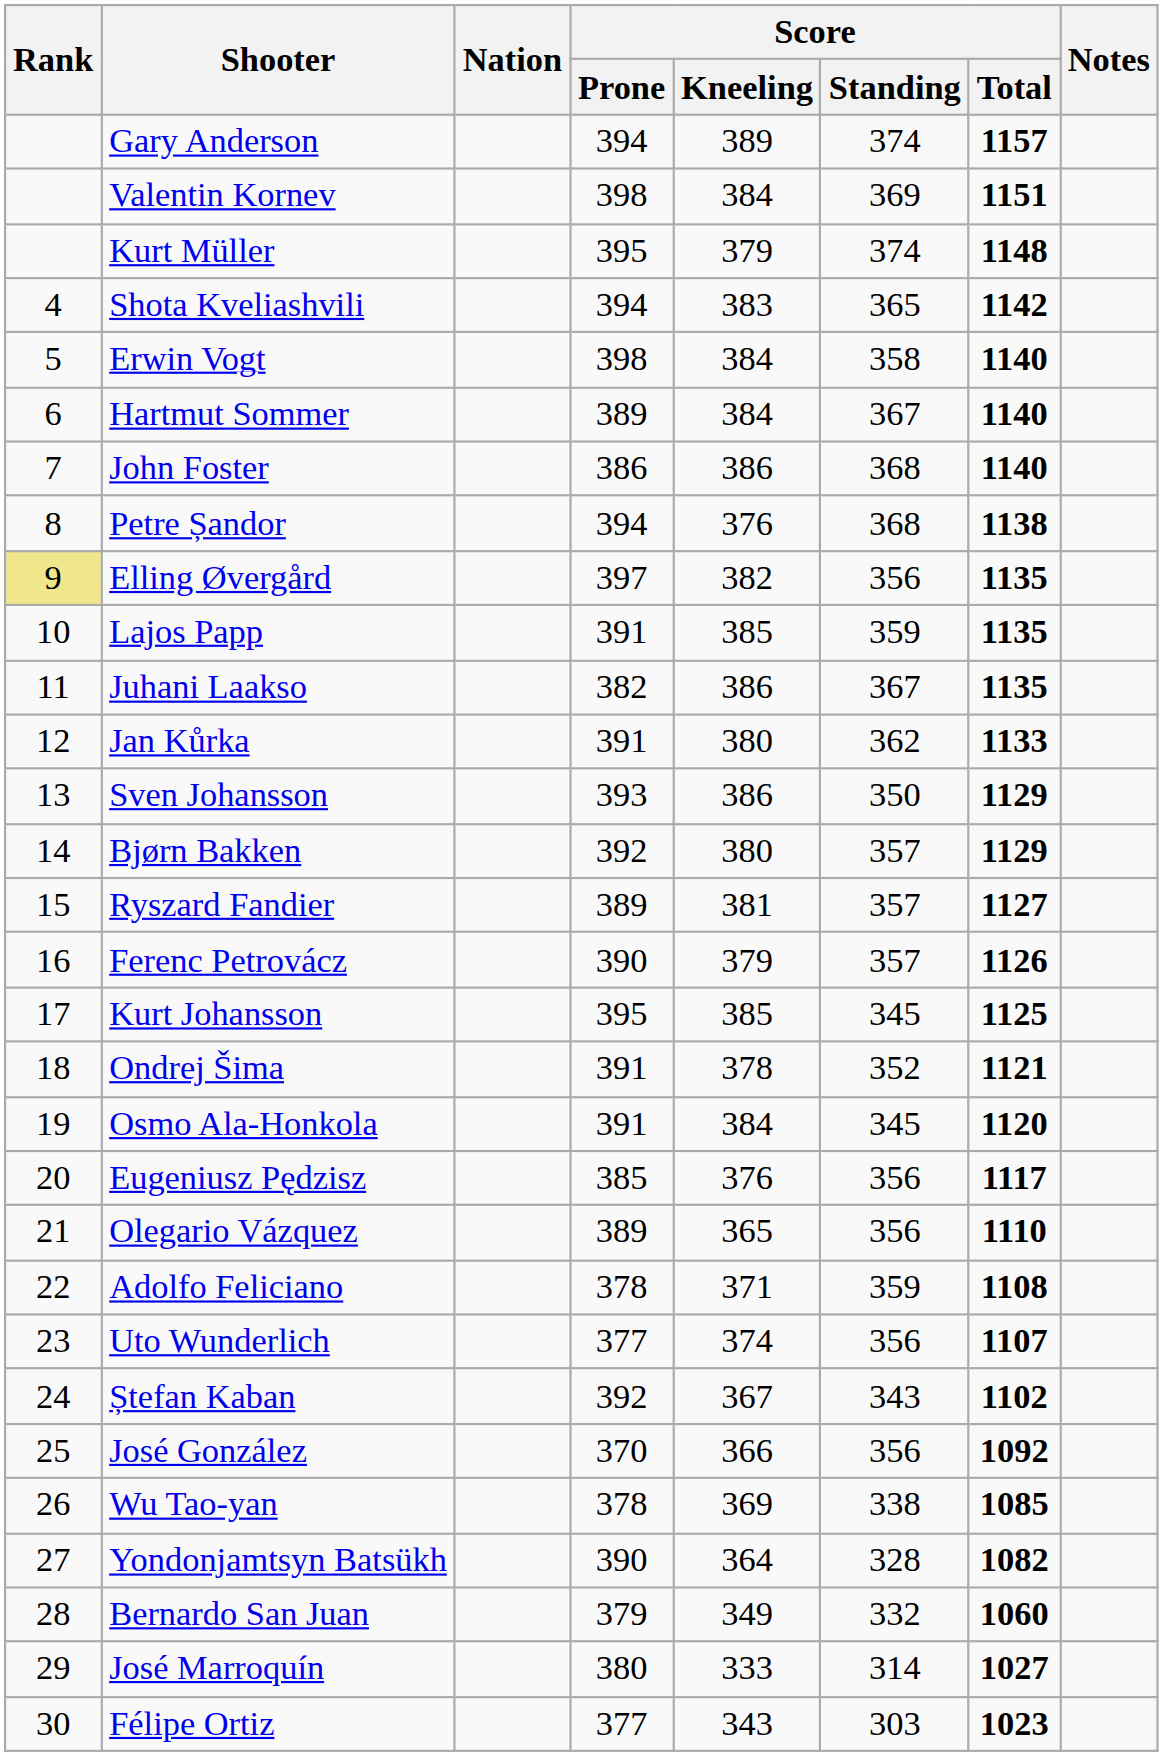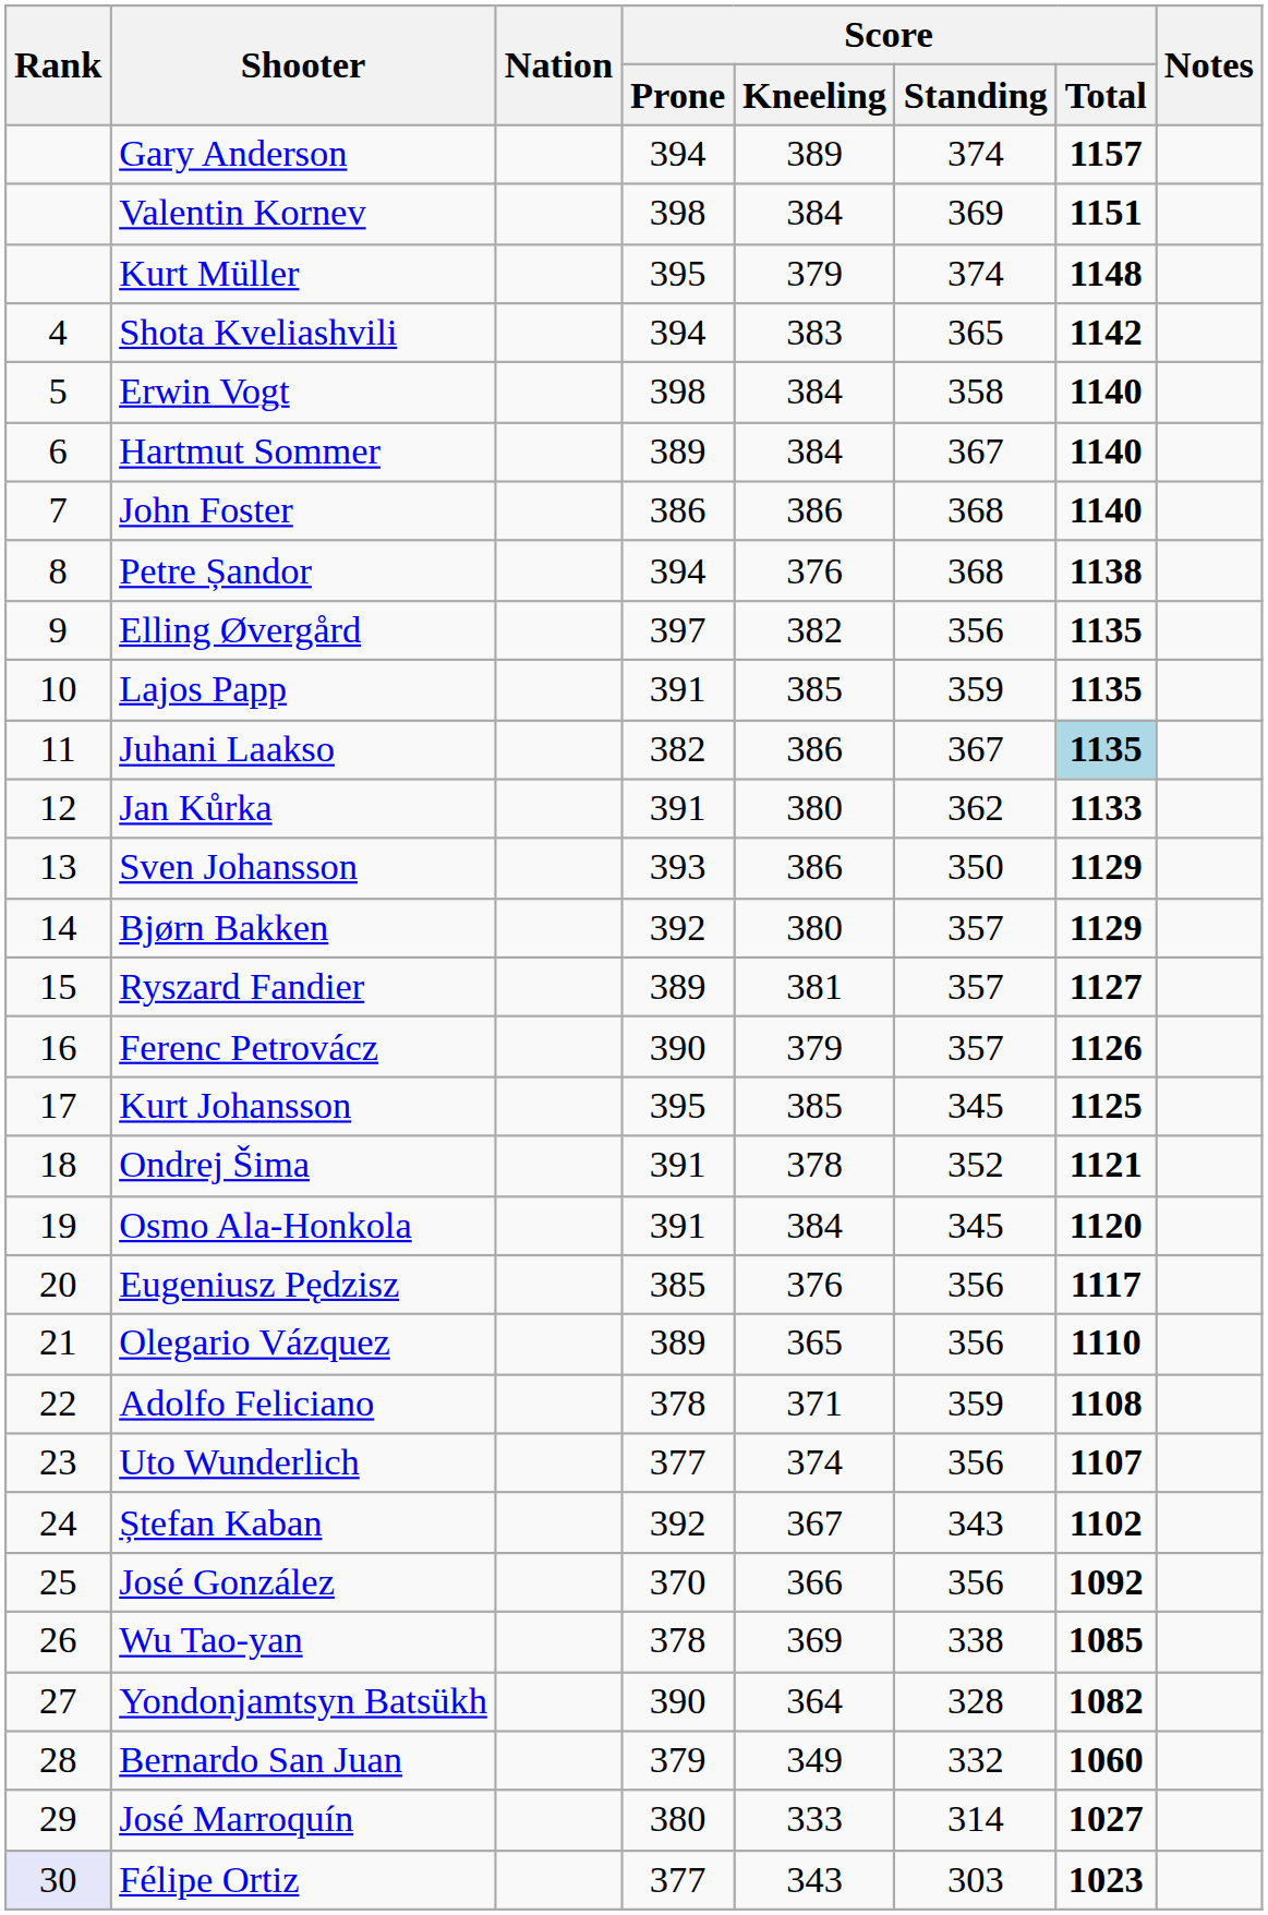 <table class="wikitable sortable" style="text-align:center">
 <tr>
 <th rowspan=2>Rank</th>
 <th rowspan=2>Shooter</th>
 <th rowspan=2>Nation</th>
 <th colspan=4>Score</th>
 <th rowspan=2>Notes</th>
 </tr>
 <tr>
 <th>Prone</th>
 <th>Kneeling</th>
 <th>Standing</th>
 <th>Total</th>
 </tr>
 <tr>
 <td></td>
 <td align=left><a href='#'>Gary Anderson</a></td>
 <td align=left></td>
 <td>394</td>
 <td>389</td>
 <td>374</td>
 <td><strong>1157</strong></td>
 <td><strong></strong></td>
 </tr>
 <tr>
 <td></td>
 <td align=left><a href='#'>Valentin Kornev</a></td>
 <td align=left></td>
 <td>398</td>
 <td>384</td>
 <td>369</td>
 <td><strong>1151</strong></td>
 <td></td>
 </tr>
 <tr>
 <td></td>
 <td align=left><a href='#'>Kurt Müller</a></td>
 <td align=left></td>
 <td>395</td>
 <td>379</td>
 <td>374</td>
 <td><strong>1148</strong></td>
 <td></td>
 </tr>
 <tr>
 <td>4</td>
 <td align=left><a href='#'>Shota Kveliashvili</a></td>
 <td align=left></td>
 <td>394</td>
 <td>383</td>
 <td>365</td>
 <td><strong>1142</strong></td>
 <td></td>
 </tr>
 <tr>
 <td>5</td>
 <td align=left><a href='#'>Erwin Vogt</a></td>
 <td align=left></td>
 <td>398</td>
 <td>384</td>
 <td>358</td>
 <td><strong>1140</strong></td>
 <td></td>
 </tr>
 <tr>
 <td>6</td>
 <td align=left><a href='#'>Hartmut Sommer</a></td>
 <td align=left></td>
 <td>389</td>
 <td>384</td>
 <td>367</td>
 <td><strong>1140</strong></td>
 <td></td>
 </tr>
 <tr>
 <td>7</td>
 <td align=left><a href='#'>John Foster</a></td>
 <td align=left></td>
 <td>386</td>
 <td>386</td>
 <td>368</td>
 <td><strong>1140</strong></td>
 <td></td>
 </tr>
 <tr>
 <td>8</td>
 <td align=left><a href='#'>Petre Șandor</a></td>
 <td align=left></td>
 <td>394</td>
 <td>376</td>
 <td>368</td>
 <td><strong>1138</strong></td>
 <td></td>
 </tr>
 <tr>
-<td style="background: khaki;">9</td>
+<td>9</td>
 <td align=left><a href='#'>Elling Øvergård</a></td>
 <td align=left></td>
 <td>397</td>
 <td>382</td>
 <td>356</td>
 <td><strong>1135</strong></td>
 <td></td>
 </tr>
 <tr>
 <td>10</td>
 <td align=left><a href='#'>Lajos Papp</a></td>
 <td align=left></td>
 <td>391</td>
 <td>385</td>
 <td>359</td>
 <td><strong>1135</strong></td>
 <td></td>
 </tr>
 <tr>
 <td>11</td>
 <td align=left><a href='#'>Juhani Laakso</a></td>
 <td align=left></td>
 <td>382</td>
 <td>386</td>
 <td>367</td>
-<td><strong>1135</strong></td>
+<td style="background: lightblue;"><strong>1135</strong></td>
 <td></td>
 </tr>
 <tr>
 <td>12</td>
 <td align=left><a href='#'>Jan Kůrka</a></td>
 <td align=left></td>
 <td>391</td>
 <td>380</td>
 <td>362</td>
 <td><strong>1133</strong></td>
 <td></td>
 </tr>
 <tr>
 <td>13</td>
 <td align=left><a href='#'>Sven Johansson</a></td>
 <td align=left></td>
 <td>393</td>
 <td>386</td>
 <td>350</td>
 <td><strong>1129</strong></td>
 <td></td>
 </tr>
 <tr>
 <td>14</td>
 <td align=left><a href='#'>Bjørn Bakken</a></td>
 <td align=left></td>
 <td>392</td>
 <td>380</td>
 <td>357</td>
 <td><strong>1129</strong></td>
 <td></td>
 </tr>
 <tr>
 <td>15</td>
 <td align=left><a href='#'>Ryszard Fandier</a></td>
 <td align=left></td>
 <td>389</td>
 <td>381</td>
 <td>357</td>
 <td><strong>1127</strong></td>
 <td></td>
 </tr>
 <tr>
 <td>16</td>
 <td align=left><a href='#'>Ferenc Petrovácz</a></td>
 <td align=left></td>
 <td>390</td>
 <td>379</td>
 <td>357</td>
 <td><strong>1126</strong></td>
 <td></td>
 </tr>
 <tr>
 <td>17</td>
 <td align=left><a href='#'>Kurt Johansson</a></td>
 <td align=left></td>
 <td>395</td>
 <td>385</td>
 <td>345</td>
 <td><strong>1125</strong></td>
 <td></td>
 </tr>
 <tr>
 <td>18</td>
 <td align=left><a href='#'>Ondrej Šima</a></td>
 <td align=left></td>
 <td>391</td>
 <td>378</td>
 <td>352</td>
 <td><strong>1121</strong></td>
 <td></td>
 </tr>
 <tr>
 <td>19</td>
 <td align=left><a href='#'>Osmo Ala-Honkola</a></td>
 <td align=left></td>
 <td>391</td>
 <td>384</td>
 <td>345</td>
 <td><strong>1120</strong></td>
 <td></td>
 </tr>
 <tr>
 <td>20</td>
 <td align=left><a href='#'>Eugeniusz Pędzisz</a></td>
 <td align=left></td>
 <td>385</td>
 <td>376</td>
 <td>356</td>
 <td><strong>1117</strong></td>
 <td></td>
 </tr>
 <tr>
 <td>21</td>
 <td align=left><a href='#'>Olegario Vázquez</a></td>
 <td align=left></td>
 <td>389</td>
 <td>365</td>
 <td>356</td>
 <td><strong>1110</strong></td>
 <td></td>
 </tr>
 <tr>
 <td>22</td>
 <td align=left><a href='#'>Adolfo Feliciano</a></td>
 <td align=left></td>
 <td>378</td>
 <td>371</td>
 <td>359</td>
 <td><strong>1108</strong></td>
 <td></td>
 </tr>
 <tr>
 <td>23</td>
 <td align=left><a href='#'>Uto Wunderlich</a></td>
 <td align=left></td>
 <td>377</td>
 <td>374</td>
 <td>356</td>
 <td><strong>1107</strong></td>
 <td></td>
 </tr>
 <tr>
 <td>24</td>
 <td align=left><a href='#'>Ștefan Kaban</a></td>
 <td align=left></td>
 <td>392</td>
 <td>367</td>
 <td>343</td>
 <td><strong>1102</strong></td>
 <td></td>
 </tr>
 <tr>
 <td>25</td>
 <td align=left><a href='#'>José González</a></td>
 <td align=left></td>
 <td>370</td>
 <td>366</td>
 <td>356</td>
 <td><strong>1092</strong></td>
 <td></td>
 </tr>
 <tr>
 <td>26</td>
 <td align=left><a href='#'>Wu Tao-yan</a></td>
 <td align=left></td>
 <td>378</td>
 <td>369</td>
 <td>338</td>
 <td><strong>1085</strong></td>
 <td></td>
 </tr>
 <tr>
 <td>27</td>
 <td align=left><a href='#'>Yondonjamtsyn Batsükh</a></td>
 <td align=left></td>
 <td>390</td>
 <td>364</td>
 <td>328</td>
 <td><strong>1082</strong></td>
 <td></td>
 </tr>
 <tr>
 <td>28</td>
 <td align=left><a href='#'>Bernardo San Juan</a></td>
 <td align=left></td>
 <td>379</td>
 <td>349</td>
 <td>332</td>
 <td><strong>1060</strong></td>
 <td></td>
 </tr>
 <tr>
 <td>29</td>
 <td align=left><a href='#'>José Marroquín</a></td>
 <td align=left></td>
 <td>380</td>
 <td>333</td>
 <td>314</td>
 <td><strong>1027</strong></td>
 <td></td>
 </tr>
 <tr>
-<td>30</td>
+<td style="background: lavender;">30</td>
 <td align=left><a href='#'>Félipe Ortiz</a></td>
 <td align=left></td>
 <td>377</td>
 <td>343</td>
 <td>303</td>
 <td><strong>1023</strong></td>
 <td></td>
 </tr>
 </table>
